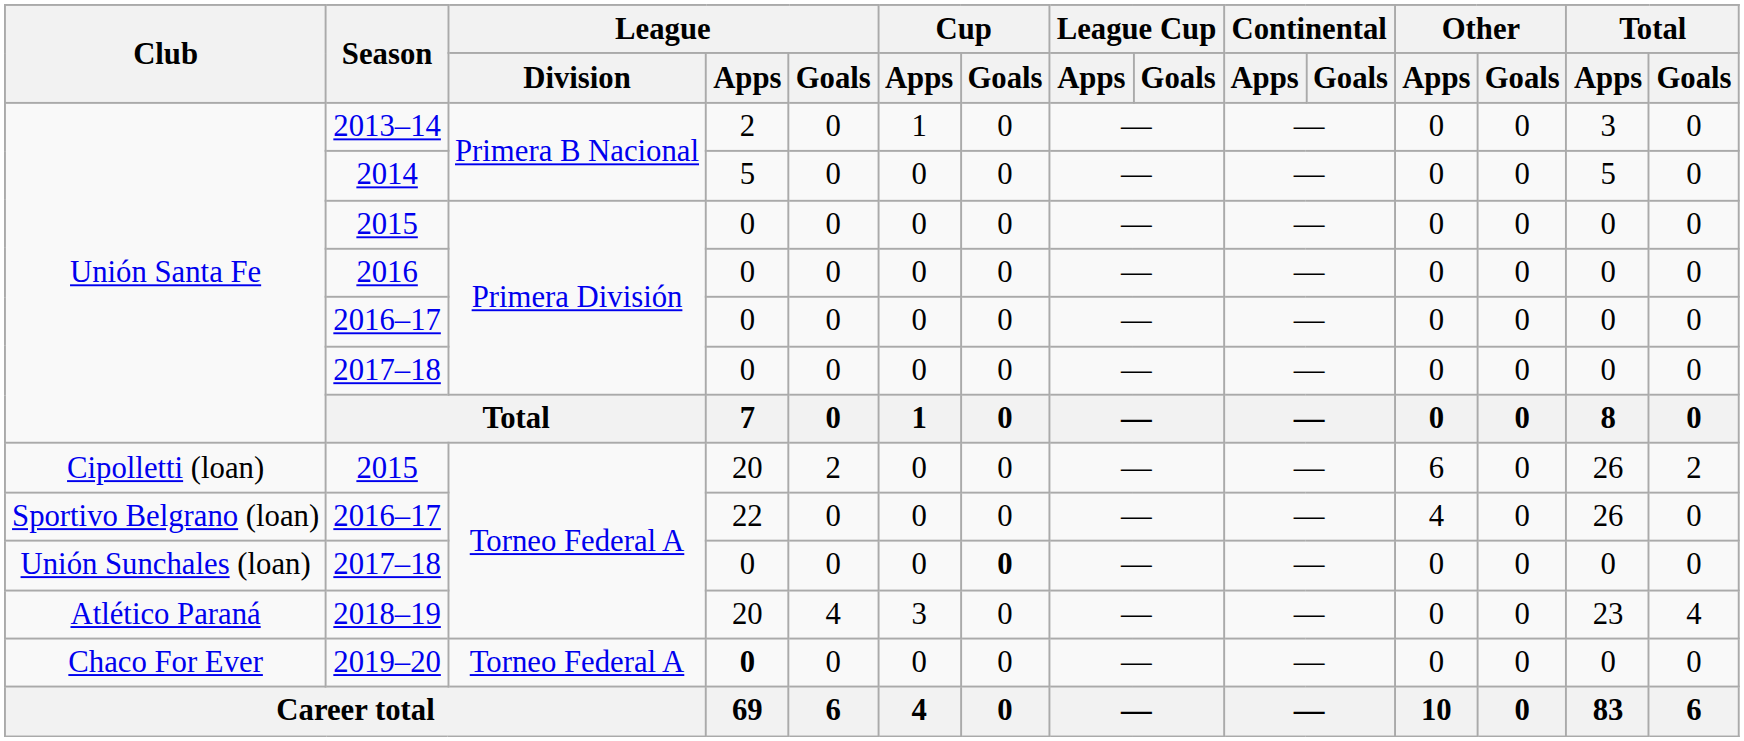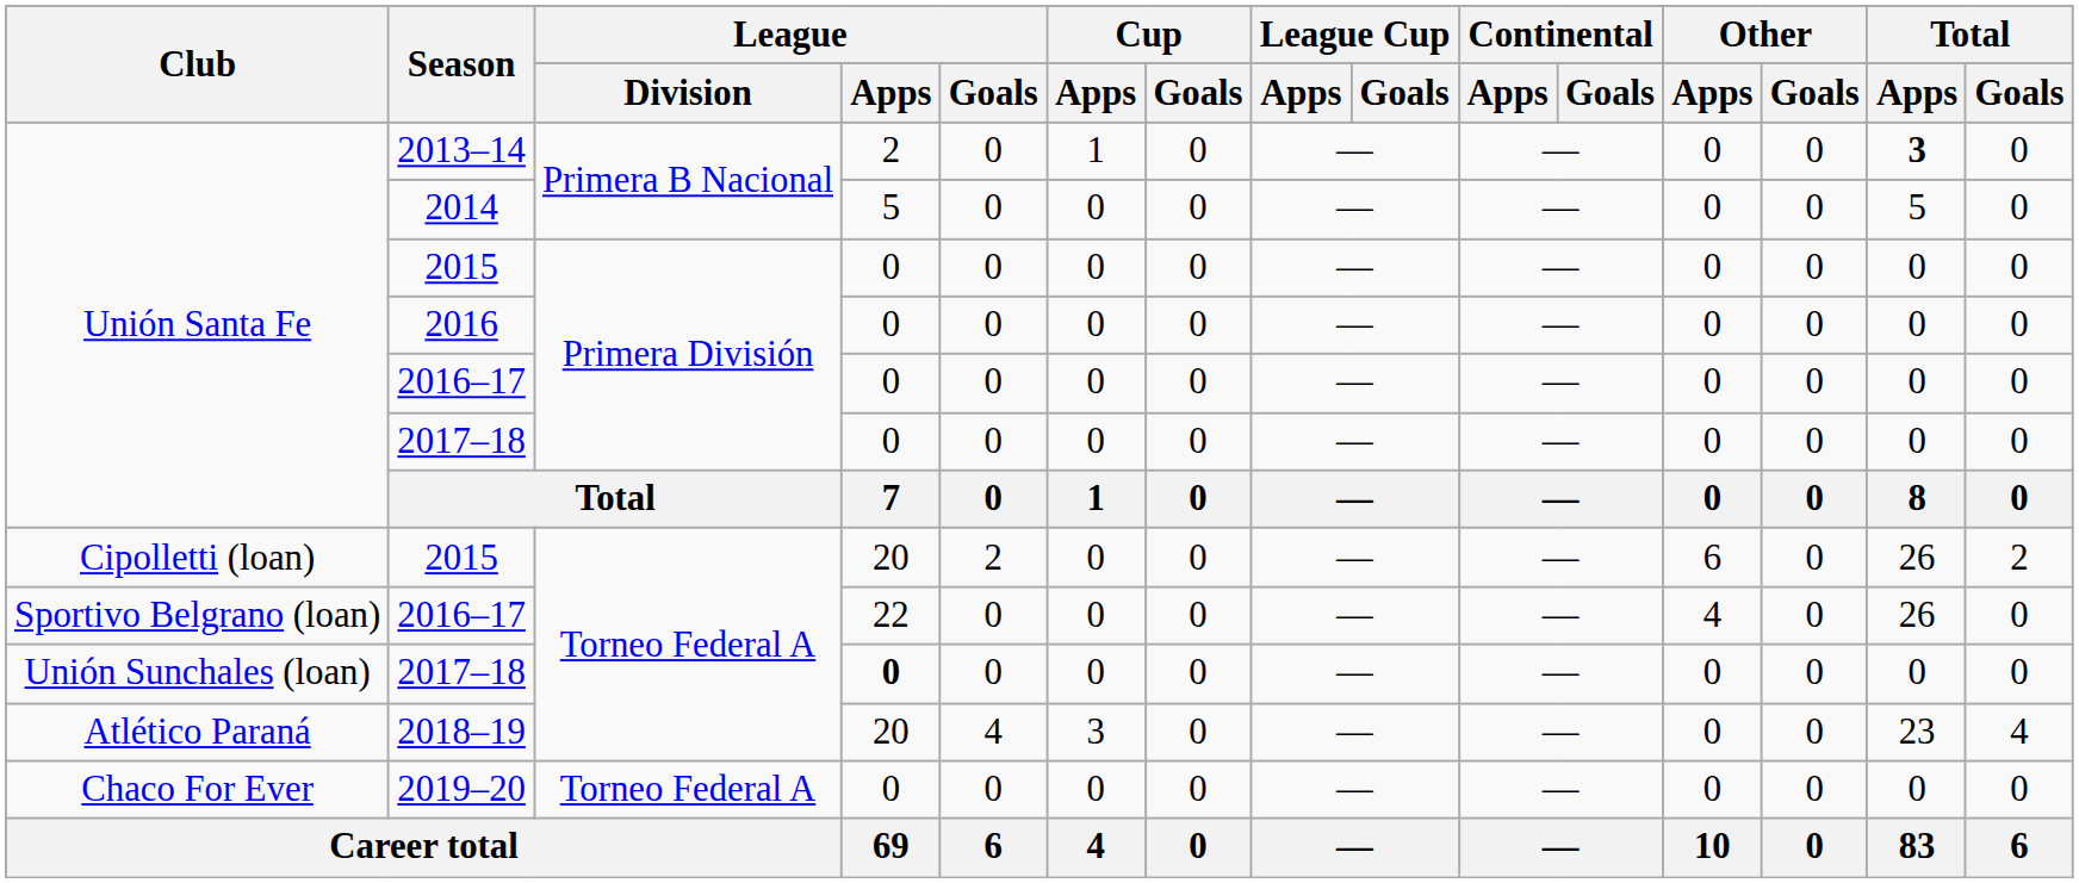 <table class="wikitable" style="text-align:center">
 <tr>
 <th rowspan="2">Club</th>
 <th rowspan="2">Season</th>
 <th colspan="3">League</th>
 <th colspan="2">Cup</th>
 <th colspan="2">League Cup</th>
 <th colspan="2">Continental</th>
 <th colspan="2">Other</th>
 <th colspan="2">Total</th>
 </tr>
 <tr>
 <th>Division</th>
 <th>Apps</th>
 <th>Goals</th>
 <th>Apps</th>
 <th>Goals</th>
 <th>Apps</th>
 <th>Goals</th>
 <th>Apps</th>
 <th>Goals</th>
 <th>Apps</th>
 <th>Goals</th>
 <th>Apps</th>
 <th>Goals</th>
 </tr>
 <tr>
 <td rowspan="7"><a href='#'>Unión Santa Fe</a></td>
 <td><a href='#'>2013–14</a></td>
 <td rowspan="2"><a href='#'>Primera B Nacional</a></td>
 <td>2</td>
 <td>0</td>
 <td>1</td>
 <td>0</td>
 <td colspan="2">—</td>
 <td colspan="2">—</td>
 <td>0</td>
 <td>0</td>
-<td>3</td>
+<td><strong>3</strong></td>
 <td>0</td>
 </tr>
 <tr>
 <td><a href='#'>2014</a></td>
 <td>5</td>
 <td>0</td>
 <td>0</td>
 <td>0</td>
 <td colspan="2">—</td>
 <td colspan="2">—</td>
 <td>0</td>
 <td>0</td>
 <td>5</td>
 <td>0</td>
 </tr>
 <tr>
 <td><a href='#'>2015</a></td>
 <td rowspan="4"><a href='#'>Primera División</a></td>
 <td>0</td>
 <td>0</td>
 <td>0</td>
 <td>0</td>
 <td colspan="2">—</td>
 <td colspan="2">—</td>
 <td>0</td>
 <td>0</td>
 <td>0</td>
 <td>0</td>
 </tr>
 <tr>
 <td><a href='#'>2016</a></td>
 <td>0</td>
 <td>0</td>
 <td>0</td>
 <td>0</td>
 <td colspan="2">—</td>
 <td colspan="2">—</td>
 <td>0</td>
 <td>0</td>
 <td>0</td>
 <td>0</td>
 </tr>
 <tr>
 <td><a href='#'>2016–17</a></td>
 <td>0</td>
 <td>0</td>
 <td>0</td>
 <td>0</td>
 <td colspan="2">—</td>
 <td colspan="2">—</td>
 <td>0</td>
 <td>0</td>
 <td>0</td>
 <td>0</td>
 </tr>
 <tr>
 <td><a href='#'>2017–18</a></td>
 <td>0</td>
 <td>0</td>
 <td>0</td>
 <td>0</td>
 <td colspan="2">—</td>
 <td colspan="2">—</td>
 <td>0</td>
 <td>0</td>
 <td>0</td>
 <td>0</td>
 </tr>
 <tr>
 <th colspan="2">Total</th>
 <th>7</th>
 <th>0</th>
 <th>1</th>
 <th>0</th>
 <th colspan="2">—</th>
 <th colspan="2">—</th>
 <th>0</th>
 <th>0</th>
 <th>8</th>
 <th>0</th>
 </tr>
 <tr>
 <td rowspan="1"><a href='#'>Cipolletti</a> (loan)</td>
 <td><a href='#'>2015</a></td>
 <td rowspan="4"><a href='#'>Torneo Federal A</a></td>
 <td>20</td>
 <td>2</td>
 <td>0</td>
 <td>0</td>
 <td colspan="2">—</td>
 <td colspan="2">—</td>
 <td>6</td>
 <td>0</td>
 <td>26</td>
 <td>2</td>
 </tr>
 <tr>
 <td rowspan="1"><a href='#'>Sportivo Belgrano</a> (loan)</td>
 <td><a href='#'>2016–17</a></td>
 <td>22</td>
 <td>0</td>
 <td>0</td>
 <td>0</td>
 <td colspan="2">—</td>
 <td colspan="2">—</td>
 <td>4</td>
 <td>0</td>
 <td>26</td>
 <td>0</td>
 </tr>
 <tr>
 <td rowspan="1"><a href='#'>Unión Sunchales</a> (loan)</td>
 <td><a href='#'>2017–18</a></td>
+<td><strong>0</strong></td>
 <td>0</td>
 <td>0</td>
 <td>0</td>
-<td><strong>0</strong></td>
 <td colspan="2">—</td>
 <td colspan="2">—</td>
 <td>0</td>
 <td>0</td>
 <td>0</td>
 <td>0</td>
 </tr>
 <tr>
 <td rowspan="1"><a href='#'>Atlético Paraná</a></td>
 <td><a href='#'>2018–19</a></td>
 <td>20</td>
 <td>4</td>
 <td>3</td>
 <td>0</td>
 <td colspan="2">—</td>
 <td colspan="2">—</td>
 <td>0</td>
 <td>0</td>
 <td>23</td>
 <td>4</td>
 </tr>
 <tr>
 <td rowspan="1"><a href='#'>Chaco For Ever</a></td>
 <td><a href='#'>2019–20</a></td>
 <td rowspan="1"><a href='#'>Torneo Federal A</a></td>
-<td><strong>0</strong></td>
+<td>0</td>
 <td>0</td>
 <td>0</td>
 <td>0</td>
 <td colspan="2">—</td>
 <td colspan="2">—</td>
 <td>0</td>
 <td>0</td>
 <td>0</td>
 <td>0</td>
 </tr>
 <tr>
 <th colspan="3">Career total</th>
 <th>69</th>
 <th>6</th>
 <th>4</th>
 <th>0</th>
 <th colspan="2">—</th>
 <th colspan="2">—</th>
 <th>10</th>
 <th>0</th>
 <th>83</th>
 <th>6</th>
 </tr>
 </table>
